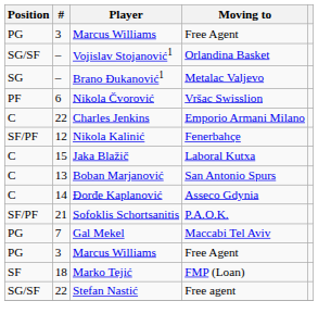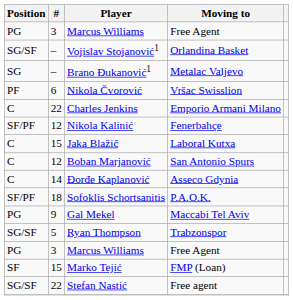 <table class="wikitable sortable" style="text-align: left;">
 <tr>
 <th>Position</th>
 <th>#</th>
 <th>Player</th>
 <th>Moving to</th>
 <th></th>
 </tr>
 <tr>
 <td>PG</td>
 <td>3</td>
 <td> <a href='#'>Marcus Williams</a></td>
 <td> Free Agent</td>
 <td></td>
 </tr>
 <tr>
 <td>SG/SF</td>
 <td>–</td>
 <td> <a href='#'>Vojislav Stojanović</a><sup>1</sup></td>
 <td> <a href='#'>Orlandina Basket</a></td>
 <td></td>
 </tr>
 <tr>
 <td>SG</td>
 <td>–</td>
 <td> <a href='#'>Brano Đukanović</a><sup>1</sup></td>
 <td> <a href='#'>Metalac Valjevo</a></td>
 <td></td>
 </tr>
 <tr>
 <td>PF</td>
 <td>6</td>
 <td> <a href='#'>Nikola Čvorović</a></td>
 <td> <a href='#'>Vršac Swisslion</a></td>
 <td></td>
 </tr>
 <tr>
 <td>C</td>
 <td>22</td>
 <td> <a href='#'>Charles Jenkins</a></td>
 <td> <a href='#'>Emporio Armani Milano</a></td>
 <td></td>
 </tr>
 <tr>
 <td>SF/PF</td>
 <td>12</td>
 <td> <a href='#'>Nikola Kalinić</a></td>
 <td> <a href='#'>Fenerbahçe</a></td>
 <td></td>
 </tr>
 <tr>
 <td>C</td>
 <td>15</td>
 <td> <a href='#'>Jaka Blažič</a></td>
 <td> <a href='#'>Laboral Kutxa</a></td>
 <td></td>
 </tr>
 <tr>
 <td>C</td>
-<td>13</td>
+<td>12</td>
 <td> <a href='#'>Boban Marjanović</a></td>
 <td> <a href='#'>San Antonio Spurs</a></td>
 <td></td>
 </tr>
 <tr>
 <td>C</td>
 <td>14</td>
 <td> <a href='#'>Đorđe Kaplanović</a></td>
 <td> <a href='#'>Asseco Gdynia</a></td>
 <td></td>
 </tr>
 <tr>
 <td>SF/PF</td>
-<td>21</td>
+<td>18</td>
 <td> <a href='#'>Sofoklis Schortsanitis</a></td>
 <td> <a href='#'>P.A.O.K.</a></td>
 <td></td>
 </tr>
 <tr>
 <td>PG</td>
-<td>7</td>
+<td>9</td>
 <td> <a href='#'>Gal Mekel</a></td>
 <td> <a href='#'>Maccabi Tel Aviv</a></td>
+<td></td>
+</tr>
+<tr>
+<td>SG/SF</td>
+<td>5</td>
+<td> <a href='#'>Ryan Thompson</a></td>
+<td> <a href='#'>Trabzonspor</a></td>
 <td></td>
 </tr>
 <tr>
 <td>PG</td>
 <td>3</td>
 <td> <a href='#'>Marcus Williams</a></td>
 <td> Free Agent</td>
 <td></td>
 </tr>
 <tr>
 <td>SF</td>
-<td>18</td>
+<td>15</td>
 <td> <a href='#'>Marko Tejić</a></td>
 <td> <a href='#'>FMP</a> (Loan)</td>
 <td></td>
 </tr>
 <tr>
 <td>SG/SF</td>
 <td>22</td>
 <td> <a href='#'>Stefan Nastić</a></td>
 <td> Free agent</td>
 <td></td>
 </tr>
 <tr>
 </tr>
 </table>
